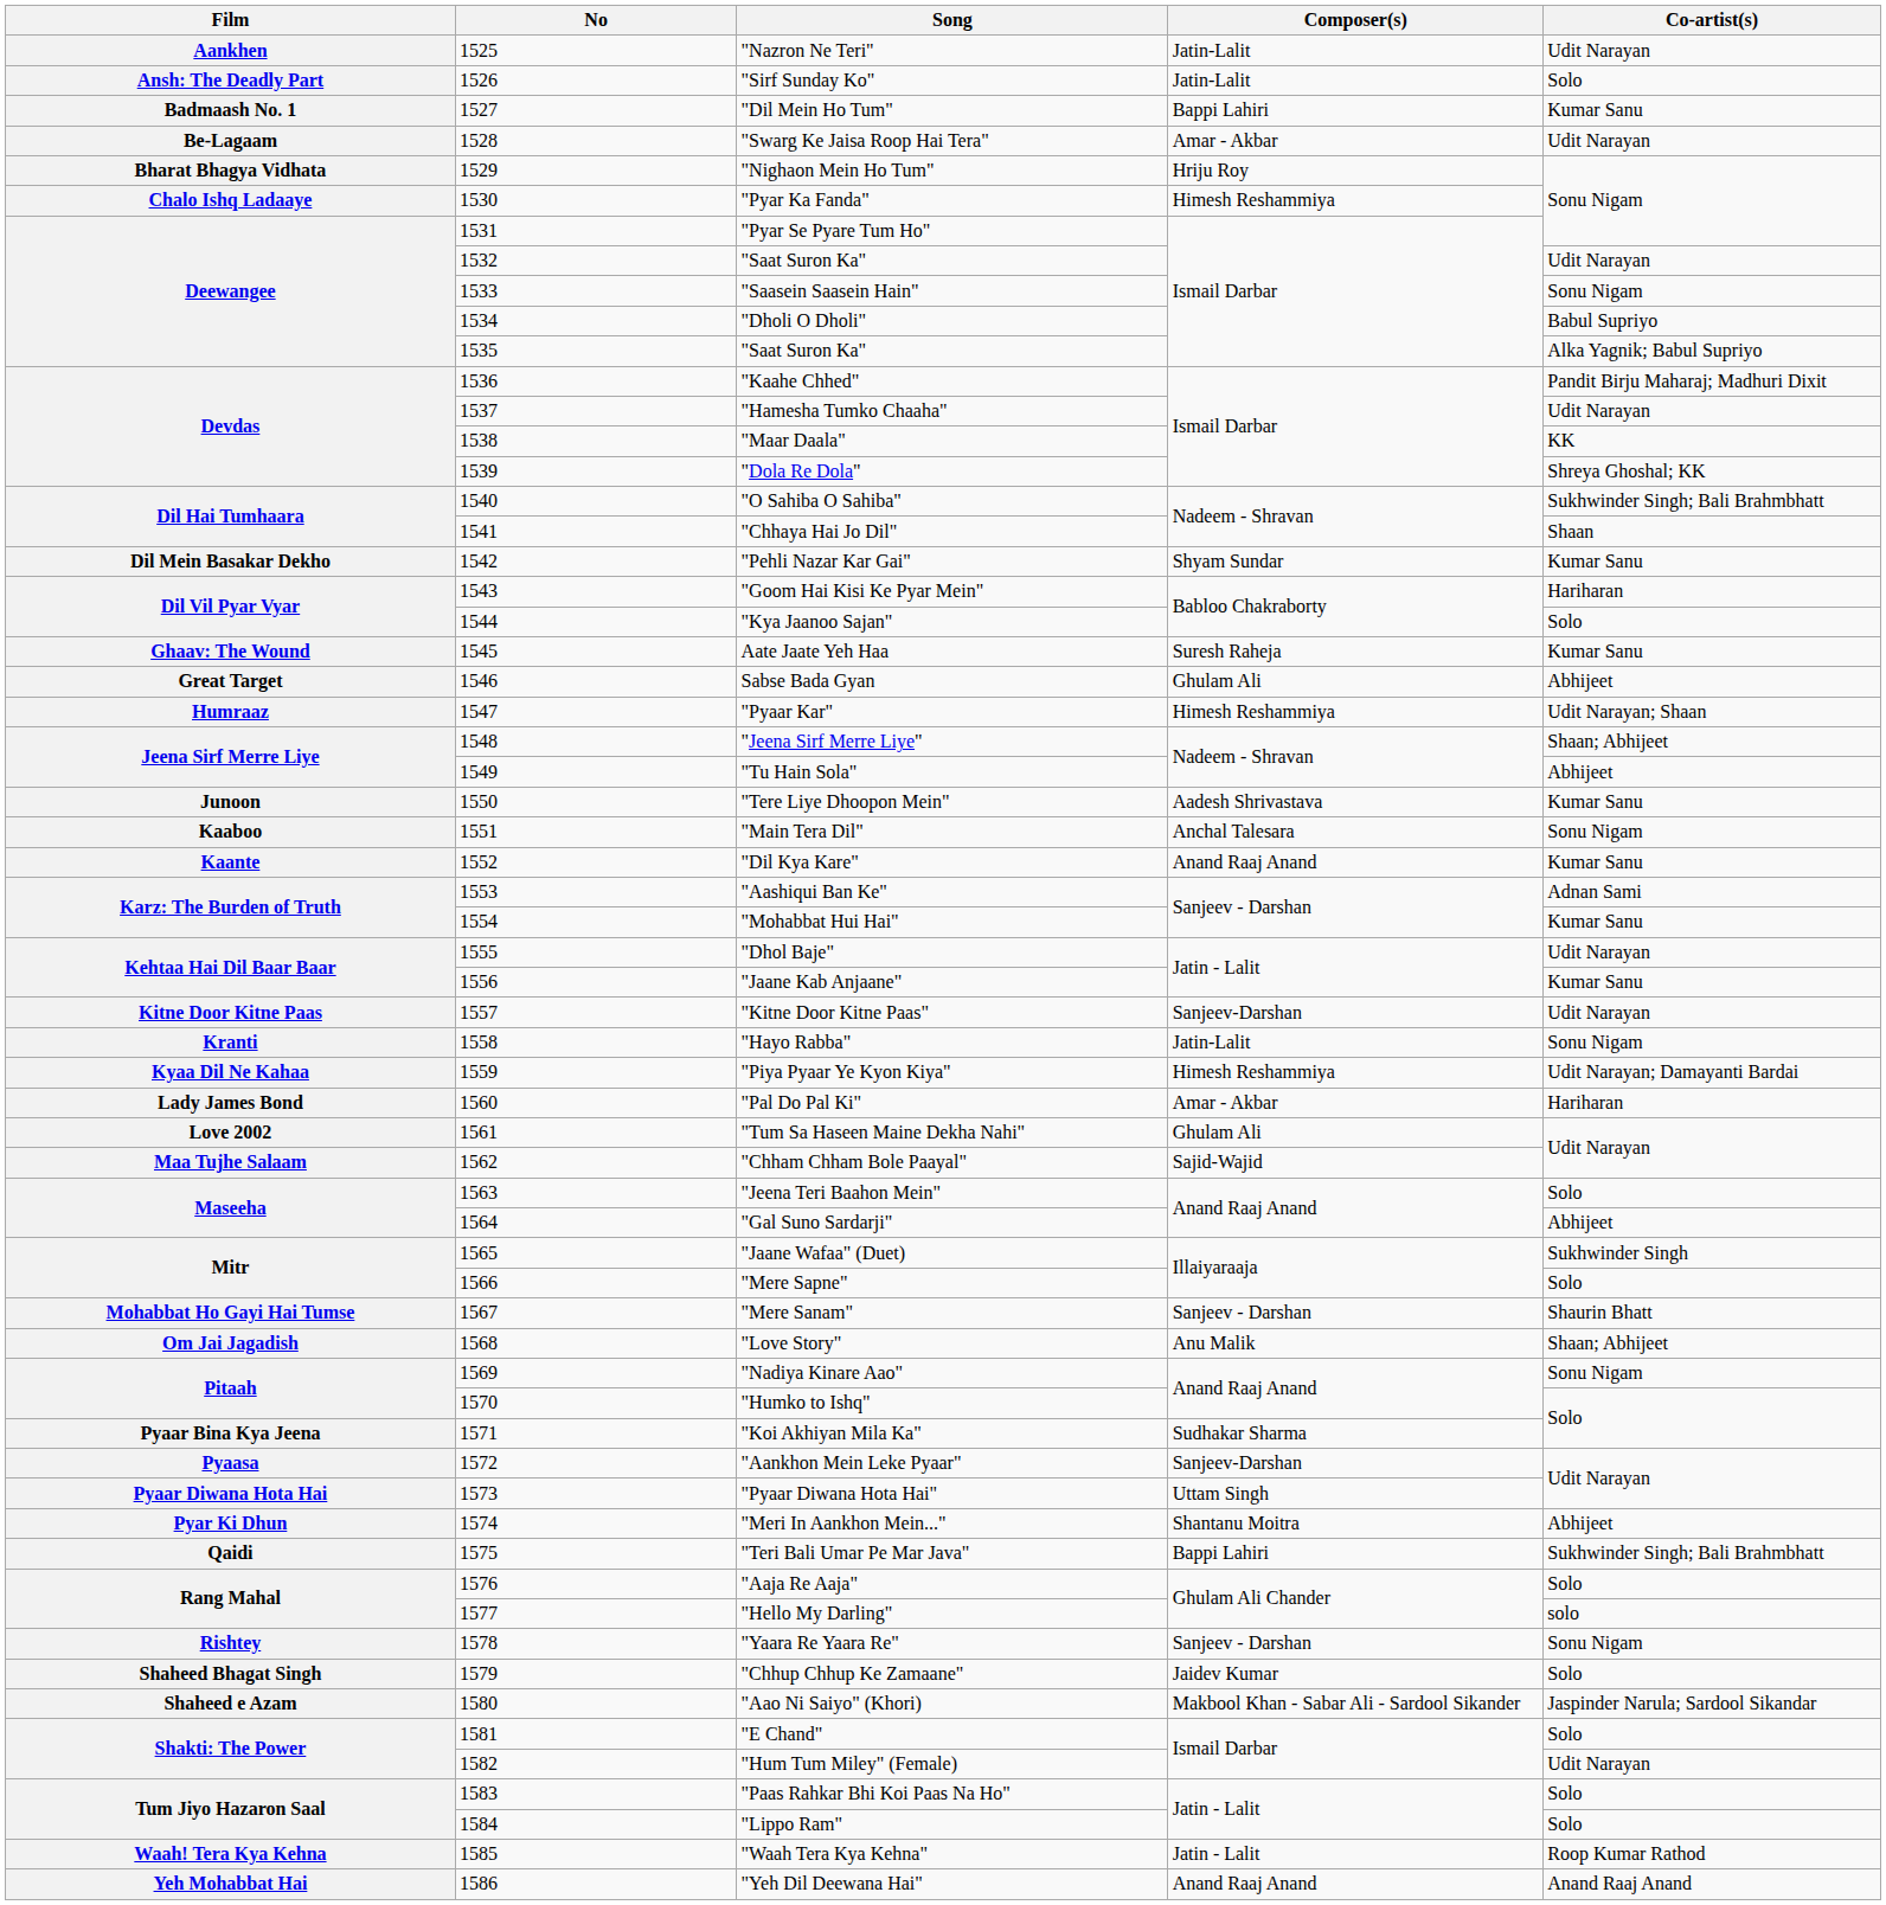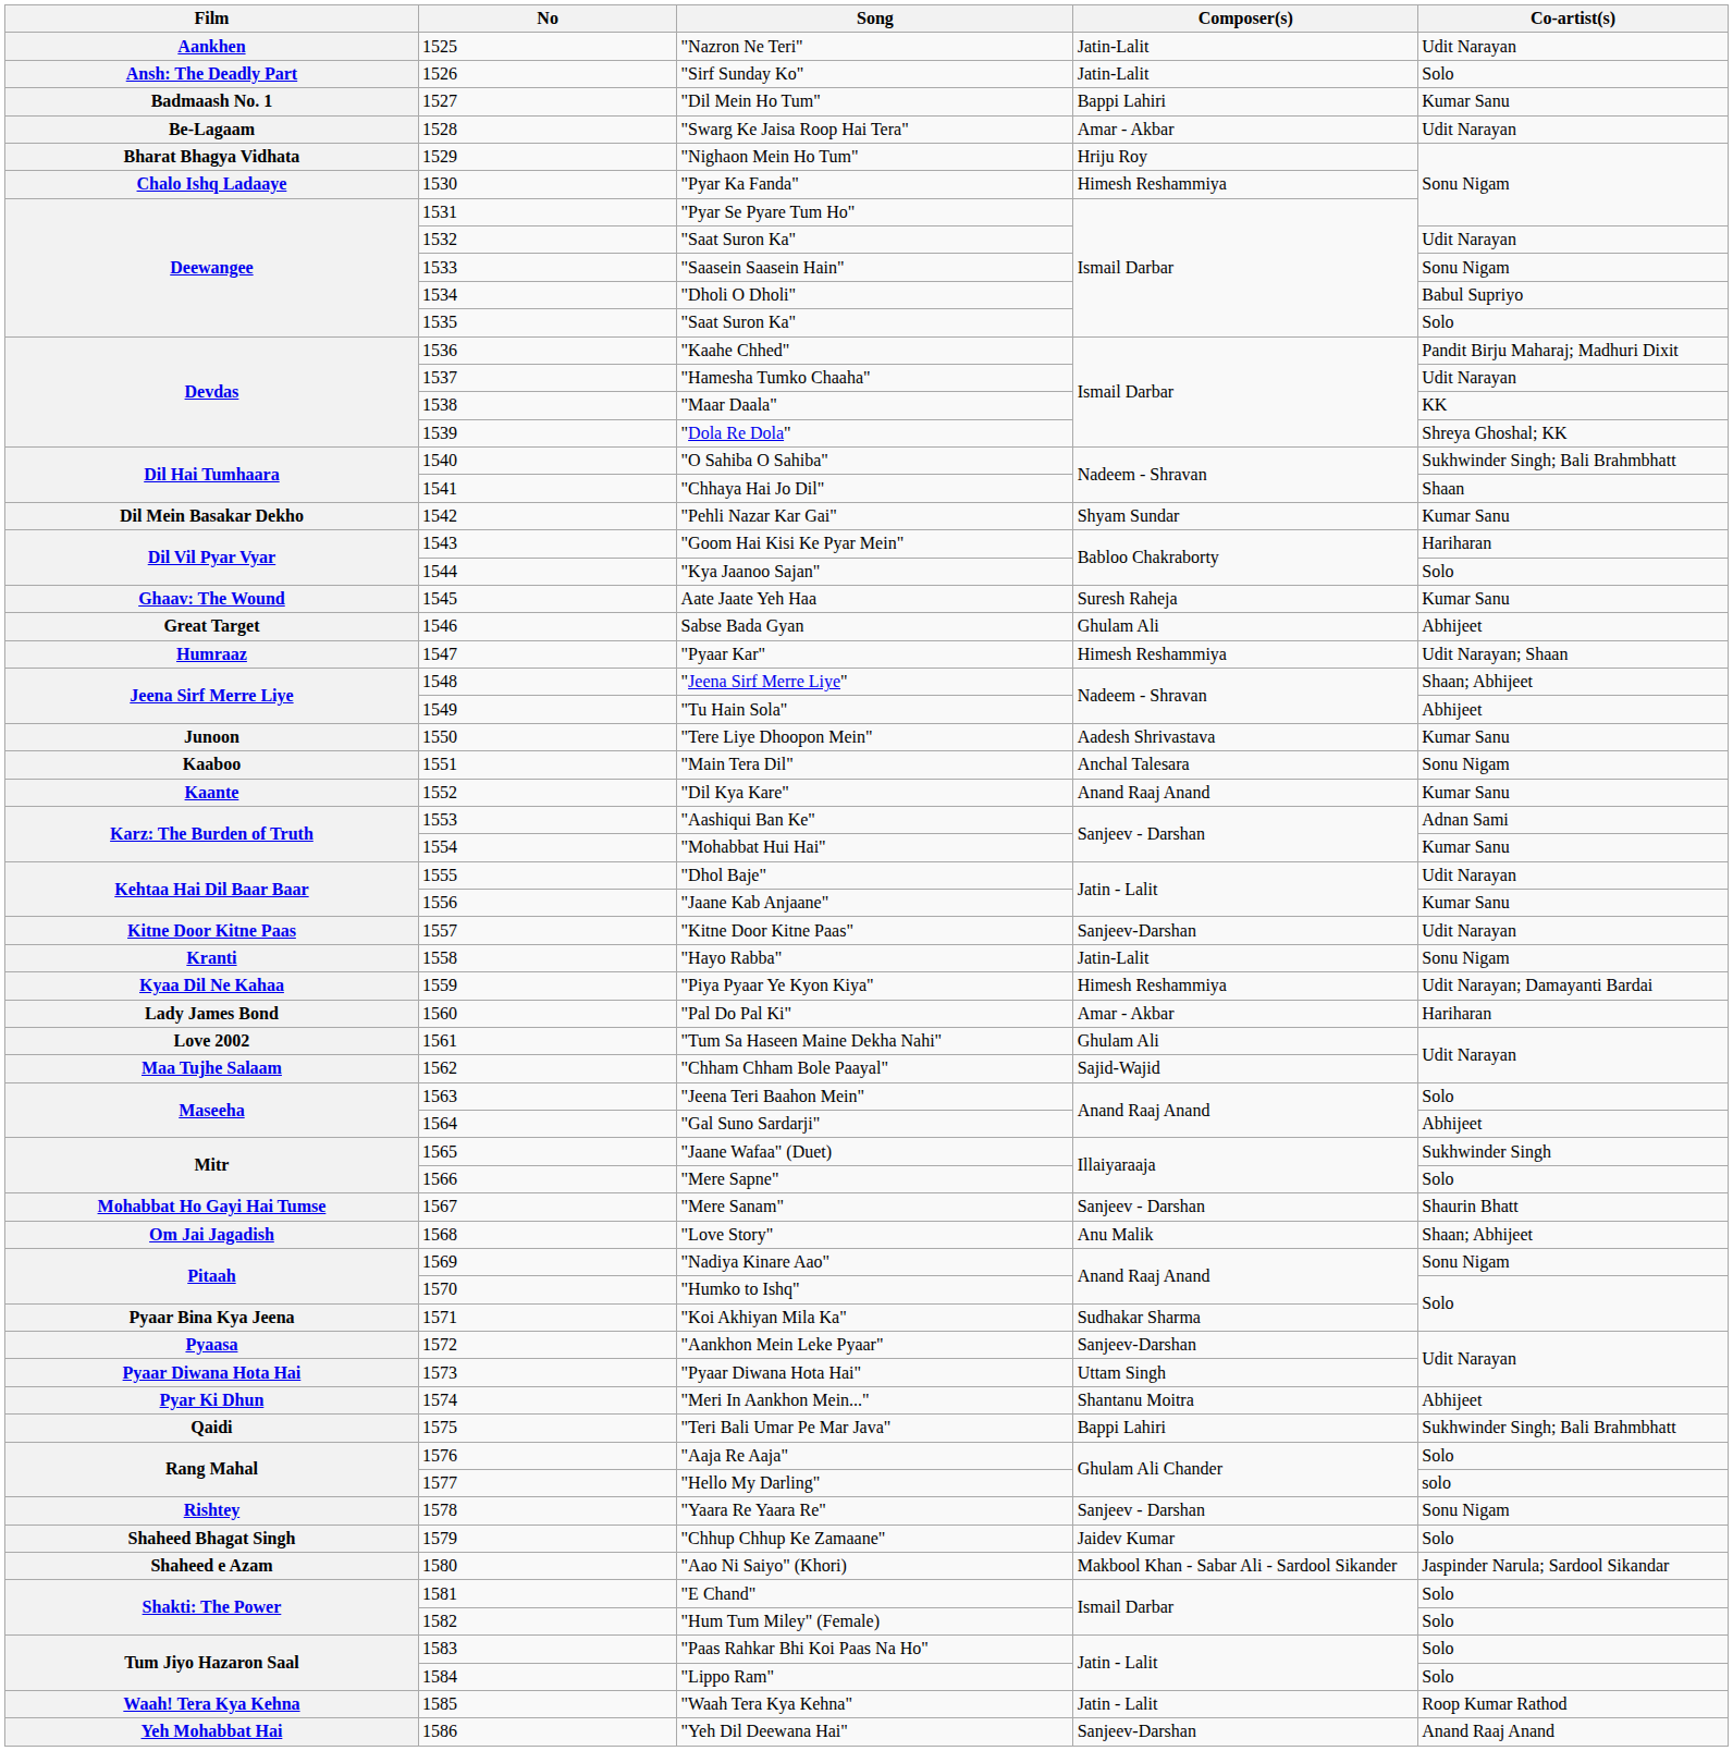 <table class="wikitable plainrowheaders" style="width:100%; textcolor:#000">
 <tr>
 <th scope="col" style="width:24%;">Film</th>
 <th>No</th>
 <th scope="col" style="width:23%;">Song</th>
 <th scope="col" style="width:20%;">Composer(s)</th>
 <th scope="col" style="width:18%;">Co-artist(s)</th>
 </tr>
 <tr>
 <th><a href='#'>Aankhen</a></th>
 <td>1525</td>
 <td>"Nazron Ne Teri"</td>
 <td>Jatin-Lalit</td>
 <td>Udit Narayan</td>
 </tr>
 <tr>
 <th><a href='#'>Ansh: The Deadly Part</a></th>
 <td>1526</td>
 <td>"Sirf Sunday Ko"</td>
 <td>Jatin-Lalit</td>
 <td>Solo</td>
 </tr>
 <tr>
 <th>Badmaash No. 1</th>
 <td>1527</td>
 <td>"Dil Mein Ho Tum"</td>
 <td>Bappi Lahiri</td>
 <td>Kumar Sanu</td>
 </tr>
 <tr>
 <th>Be-Lagaam</th>
 <td>1528</td>
 <td>"Swarg Ke Jaisa Roop Hai Tera"</td>
 <td>Amar - Akbar</td>
 <td>Udit Narayan</td>
 </tr>
 <tr>
 <th>Bharat Bhagya Vidhata</th>
 <td>1529</td>
 <td>"Nighaon Mein Ho Tum"</td>
 <td>Hriju Roy</td>
 <td rowspan=3>Sonu Nigam</td>
 </tr>
 <tr>
 <th><a href='#'>Chalo Ishq Ladaaye</a></th>
 <td>1530</td>
 <td>"Pyar Ka Fanda"</td>
 <td>Himesh Reshammiya</td>
 </tr>
 <tr>
 <th rowspan=5><a href='#'>Deewangee</a></th>
 <td>1531</td>
 <td>"Pyar Se Pyare Tum Ho"</td>
 <td rowspan=5>Ismail Darbar</td>
 </tr>
 <tr>
 <td>1532</td>
 <td>"Saat Suron Ka"</td>
 <td>Udit Narayan</td>
 </tr>
 <tr>
 <td>1533</td>
 <td>"Saasein Saasein Hain"</td>
 <td>Sonu Nigam</td>
 </tr>
 <tr>
 <td>1534</td>
 <td>"Dholi O Dholi"</td>
 <td>Babul Supriyo</td>
 </tr>
 <tr>
 <td>1535</td>
 <td>"Saat Suron Ka"</td>
-<td>Alka Yagnik;  Babul Supriyo</td>
+<td>Solo</td>
 </tr>
 <tr>
 <th rowspan="4"><a href='#'>Devdas</a></th>
 <td>1536</td>
 <td>"Kaahe Chhed"</td>
 <td rowspan=4>Ismail Darbar</td>
 <td>Pandit Birju Maharaj; Madhuri Dixit</td>
 </tr>
 <tr>
 <td>1537</td>
 <td>"Hamesha Tumko Chaaha"</td>
 <td>Udit Narayan</td>
 </tr>
 <tr>
 <td>1538</td>
 <td>"Maar Daala"</td>
 <td>KK</td>
 </tr>
 <tr>
 <td>1539</td>
 <td>"<a href='#'>Dola Re Dola</a>"</td>
 <td>Shreya Ghoshal; KK</td>
 </tr>
 <tr>
 <th rowspan=2><a href='#'>Dil Hai Tumhaara</a></th>
 <td>1540</td>
 <td>"O Sahiba O Sahiba"</td>
 <td rowspan=2>Nadeem - Shravan</td>
 <td>Sukhwinder Singh; Bali Brahmbhatt</td>
 </tr>
 <tr>
 <td>1541</td>
 <td>"Chhaya Hai Jo Dil"</td>
 <td>Shaan</td>
 </tr>
 <tr>
 <th>Dil Mein Basakar Dekho</th>
 <td>1542</td>
 <td>"Pehli Nazar Kar Gai"</td>
 <td>Shyam Sundar</td>
 <td>Kumar Sanu</td>
 </tr>
 <tr>
 <th rowspan=2><a href='#'>Dil Vil Pyar Vyar</a></th>
 <td>1543</td>
 <td>"Goom Hai Kisi Ke Pyar Mein"</td>
 <td rowspan=2>Babloo Chakraborty</td>
 <td>Hariharan</td>
 </tr>
 <tr>
 <td>1544</td>
 <td>"Kya Jaanoo Sajan"</td>
 <td>Solo</td>
 </tr>
 <tr>
 <th><a href='#'>Ghaav: The Wound</a></th>
 <td>1545</td>
 <td>Aate Jaate Yeh Haa</td>
 <td>Suresh Raheja</td>
 <td>Kumar Sanu</td>
 </tr>
 <tr>
 <th>Great Target</th>
 <td>1546</td>
 <td>Sabse Bada Gyan</td>
 <td>Ghulam Ali</td>
 <td>Abhijeet</td>
 </tr>
 <tr>
 <th><a href='#'>Humraaz</a></th>
 <td>1547</td>
 <td>"Pyaar Kar"</td>
 <td>Himesh Reshammiya</td>
 <td>Udit Narayan; Shaan</td>
 </tr>
 <tr>
 <th rowspan=2><a href='#'>Jeena Sirf Merre Liye</a></th>
 <td>1548</td>
 <td>"<a href='#'>Jeena Sirf Merre Liye</a>"</td>
 <td rowspan=2>Nadeem - Shravan</td>
 <td>Shaan; Abhijeet</td>
 </tr>
 <tr>
 <td>1549</td>
 <td>"Tu Hain Sola"</td>
 <td>Abhijeet</td>
 </tr>
 <tr>
 <th>Junoon</th>
 <td>1550</td>
 <td>"Tere Liye Dhoopon Mein"</td>
 <td>Aadesh Shrivastava</td>
 <td>Kumar Sanu</td>
 </tr>
 <tr>
 <th>Kaaboo</th>
 <td>1551</td>
 <td>"Main Tera Dil"</td>
 <td>Anchal Talesara</td>
 <td>Sonu Nigam</td>
 </tr>
 <tr>
 <th><a href='#'>Kaante</a></th>
 <td>1552</td>
 <td>"Dil Kya Kare"</td>
 <td>Anand Raaj Anand</td>
 <td>Kumar Sanu</td>
 </tr>
 <tr>
 <th rowspan=2><a href='#'>Karz: The Burden of Truth</a></th>
 <td>1553</td>
 <td>"Aashiqui Ban Ke"</td>
 <td rowspan=2>Sanjeev - Darshan</td>
 <td>Adnan Sami</td>
 </tr>
 <tr>
 <td>1554</td>
 <td>"Mohabbat Hui Hai"</td>
 <td>Kumar Sanu</td>
 </tr>
 <tr>
 <th rowspan=2><a href='#'>Kehtaa Hai Dil Baar Baar</a></th>
 <td>1555</td>
 <td>"Dhol Baje"</td>
 <td rowspan=2>Jatin - Lalit</td>
 <td>Udit Narayan</td>
 </tr>
 <tr>
 <td>1556</td>
 <td>"Jaane Kab Anjaane"</td>
 <td>Kumar Sanu</td>
 </tr>
 <tr>
 <th><a href='#'>Kitne Door Kitne Paas</a></th>
 <td>1557</td>
 <td>"Kitne Door Kitne Paas"</td>
 <td>Sanjeev-Darshan</td>
 <td>Udit Narayan</td>
 </tr>
 <tr>
 <th><a href='#'>Kranti</a></th>
 <td>1558</td>
 <td>"Hayo Rabba"</td>
 <td>Jatin-Lalit</td>
 <td>Sonu Nigam</td>
 </tr>
 <tr>
 <th><a href='#'>Kyaa Dil Ne Kahaa</a></th>
 <td>1559</td>
 <td>"Piya Pyaar Ye Kyon Kiya"</td>
 <td>Himesh Reshammiya</td>
 <td>Udit Narayan; Damayanti Bardai</td>
 </tr>
 <tr>
 <th>Lady James Bond</th>
 <td>1560</td>
 <td>"Pal Do Pal Ki"</td>
 <td>Amar - Akbar</td>
 <td>Hariharan</td>
 </tr>
 <tr>
 <th>Love 2002</th>
 <td>1561</td>
 <td>"Tum Sa Haseen Maine Dekha Nahi"</td>
 <td>Ghulam Ali</td>
 <td rowspan="2">Udit Narayan</td>
 </tr>
 <tr>
 <th><a href='#'>Maa Tujhe Salaam</a></th>
 <td>1562</td>
 <td>"Chham Chham Bole Paayal"</td>
 <td>Sajid-Wajid</td>
 </tr>
 <tr>
 <th rowspan=2><a href='#'>Maseeha</a></th>
 <td>1563</td>
 <td>"Jeena Teri Baahon Mein"</td>
 <td rowspan=2>Anand Raaj Anand</td>
 <td>Solo</td>
 </tr>
 <tr>
 <td>1564</td>
 <td>"Gal Suno Sardarji"</td>
 <td>Abhijeet</td>
 </tr>
 <tr>
 <th rowspan=2>Mitr</th>
 <td>1565</td>
 <td>"Jaane Wafaa" (Duet)</td>
 <td rowspan=2>Illaiyaraaja</td>
 <td>Sukhwinder Singh</td>
 </tr>
 <tr>
 <td>1566</td>
 <td>"Mere Sapne"</td>
 <td>Solo</td>
 </tr>
 <tr>
 <th><a href='#'>Mohabbat Ho Gayi Hai Tumse</a></th>
 <td>1567</td>
 <td>"Mere Sanam"</td>
 <td>Sanjeev - Darshan</td>
 <td>Shaurin Bhatt</td>
 </tr>
 <tr>
 <th><a href='#'>Om Jai Jagadish</a></th>
 <td>1568</td>
 <td>"Love Story"</td>
 <td>Anu Malik</td>
 <td>Shaan; Abhijeet</td>
 </tr>
 <tr>
 <th rowspan=2><a href='#'>Pitaah</a></th>
 <td>1569</td>
 <td>"Nadiya Kinare Aao"</td>
 <td rowspan=2>Anand Raaj Anand</td>
 <td>Sonu Nigam</td>
 </tr>
 <tr>
 <td>1570</td>
 <td>"Humko to Ishq"</td>
 <td rowspan="2">Solo</td>
 </tr>
 <tr>
 <th>Pyaar Bina Kya Jeena</th>
 <td>1571</td>
 <td>"Koi Akhiyan Mila Ka"</td>
 <td>Sudhakar Sharma</td>
 </tr>
 <tr>
 <th><a href='#'>Pyaasa</a></th>
 <td>1572</td>
 <td>"Aankhon Mein Leke Pyaar"</td>
 <td rowspan=1>Sanjeev-Darshan</td>
 <td rowspan="2">Udit Narayan</td>
 </tr>
 <tr>
 <th><a href='#'>Pyaar Diwana Hota Hai</a></th>
 <td>1573</td>
 <td>"Pyaar Diwana Hota Hai"</td>
 <td>Uttam Singh</td>
 </tr>
 <tr>
 <th><a href='#'>Pyar Ki Dhun</a></th>
 <td>1574</td>
 <td>"Meri In Aankhon Mein..."</td>
 <td>Shantanu Moitra</td>
 <td>Abhijeet</td>
 </tr>
 <tr>
 <th>Qaidi</th>
 <td>1575</td>
 <td>"Teri Bali Umar Pe Mar Java"</td>
 <td>Bappi Lahiri</td>
 <td>Sukhwinder Singh; Bali Brahmbhatt</td>
 </tr>
 <tr>
 <th rowspan=2>Rang Mahal</th>
 <td>1576</td>
 <td>"Aaja Re Aaja"</td>
 <td rowspan=2>Ghulam Ali Chander</td>
 <td>Solo</td>
 </tr>
 <tr>
 <td>1577</td>
 <td>"Hello My Darling"</td>
 <td>solo</td>
 </tr>
 <tr>
 <th><a href='#'>Rishtey</a></th>
 <td>1578</td>
 <td>"Yaara Re Yaara Re"</td>
 <td>Sanjeev - Darshan</td>
 <td>Sonu Nigam</td>
 </tr>
 <tr>
 <th>Shaheed Bhagat Singh</th>
 <td>1579</td>
 <td>"Chhup Chhup Ke Zamaane"</td>
 <td>Jaidev Kumar</td>
 <td>Solo</td>
 </tr>
 <tr>
 <th>Shaheed e Azam</th>
 <td>1580</td>
 <td>"Aao Ni Saiyo" (Khori)</td>
 <td>Makbool Khan - Sabar Ali - Sardool Sikander</td>
 <td>Jaspinder Narula; Sardool Sikandar</td>
 </tr>
 <tr>
 <th rowspan=2><a href='#'>Shakti: The Power</a></th>
 <td>1581</td>
 <td>"E Chand"</td>
 <td rowspan=2>Ismail Darbar</td>
 <td>Solo</td>
 </tr>
 <tr>
 <td>1582</td>
 <td>"Hum Tum Miley" (Female)</td>
-<td>Udit Narayan</td>
+<td>Solo</td>
 </tr>
 <tr>
 <th rowspan="2">Tum Jiyo Hazaron Saal</th>
 <td>1583</td>
 <td>"Paas Rahkar Bhi Koi Paas Na Ho"</td>
 <td rowspan="2">Jatin - Lalit</td>
 <td>Solo</td>
 </tr>
 <tr>
 <td>1584</td>
 <td>"Lippo Ram"</td>
 <td>Solo</td>
 </tr>
 <tr>
 <th><a href='#'>Waah! Tera Kya Kehna</a></th>
 <td>1585</td>
 <td>"Waah Tera Kya Kehna"</td>
 <td>Jatin - Lalit</td>
 <td>Roop Kumar Rathod</td>
 </tr>
 <tr>
 <th><a href='#'>Yeh Mohabbat Hai</a></th>
 <td>1586</td>
 <td>"Yeh Dil Deewana Hai"</td>
-<td>Anand Raaj Anand</td>
+<td>Sanjeev-Darshan</td>
 <td>Anand Raaj Anand</td>
 </tr>
 <tr>
 </tr>
 </table>
